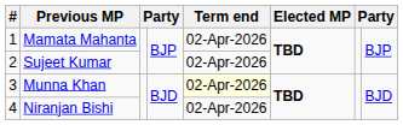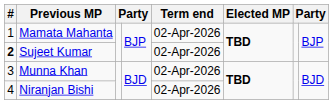 <table class="wikitable sortable">
 <tr>
 <th>#</th>
 <th>Previous MP</th>
 <th colspan="2">Party</th>
 <th>Term end</th>
 <th>Elected MP</th>
 <th colspan="2">Party</th>
 </tr>
 <tr>
 <td>1</td>
 <td><a href='#'>Mamata Mahanta</a></td>
 <td Rowspan=2></td>
 <td Rowspan=2><a href='#'>BJP</a></td>
 <td>02-Apr-2026</td>
 <td Rowspan=2><strong>TBD</strong></td>
 <td Rowspan=2></td>
 <td Rowspan=2><a href='#'>BJP</a></td>
 </tr>
 <tr>
-<td>2</td>
+<td><strong>2</strong></td>
 <td><a href='#'>Sujeet Kumar</a></td>
 <td>02-Apr-2026</td>
 </tr>
 <tr>
 <td>3</td>
 <td><a href='#'>Munna Khan</a></td>
 <td Rowspan=2></td>
 <td Rowspan=2><a href='#'>BJD</a></td>
-<td style="background: lightyellow;">02-Apr-2026</td>
+<td>02-Apr-2026</td>
 <td Rowspan=2><strong>TBD</strong></td>
 <td Rowspan=2></td>
 <td Rowspan=2><a href='#'>BJD</a></td>
 </tr>
 <tr>
 <td>4</td>
 <td><a href='#'>Niranjan Bishi</a></td>
 <td>02-Apr-2026</td>
 </tr>
 </table>
